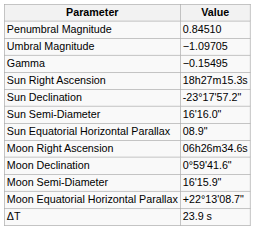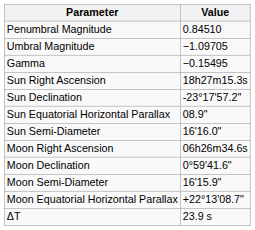 <table class="wikitable">
 <tr>
 <th>Parameter</th>
 <th>Value</th>
 </tr>
 <tr>
 <td>Penumbral Magnitude</td>
 <td>0.84510</td>
 </tr>
 <tr>
 <td>Umbral Magnitude</td>
 <td>−1.09705</td>
 </tr>
 <tr>
 <td>Gamma</td>
 <td>−0.15495</td>
 </tr>
 <tr>
 <td>Sun Right Ascension</td>
 <td>18h27m15.3s</td>
 </tr>
 <tr>
 <td>Sun Declination</td>
 <td>-23°17'57.2"</td>
 </tr>
 <tr>
+<td>Sun Equatorial Horizontal Parallax</td>
+<td>08.9"</td>
+</tr>
+<tr>
 <td>Sun Semi-Diameter</td>
 <td>16'16.0"</td>
-</tr>
-<tr>
-<td>Sun Equatorial Horizontal Parallax</td>
-<td>08.9"</td>
 </tr>
 <tr>
 <td>Moon Right Ascension</td>
 <td>06h26m34.6s</td>
 </tr>
 <tr>
 <td>Moon Declination</td>
 <td>0°59'41.6"</td>
 </tr>
 <tr>
 <td>Moon Semi-Diameter</td>
 <td>16'15.9"</td>
 </tr>
 <tr>
 <td>Moon Equatorial Horizontal Parallax</td>
 <td>+22°13'08.7"</td>
 </tr>
 <tr>
 <td>ΔT</td>
 <td>23.9 s</td>
 </tr>
 </table>
